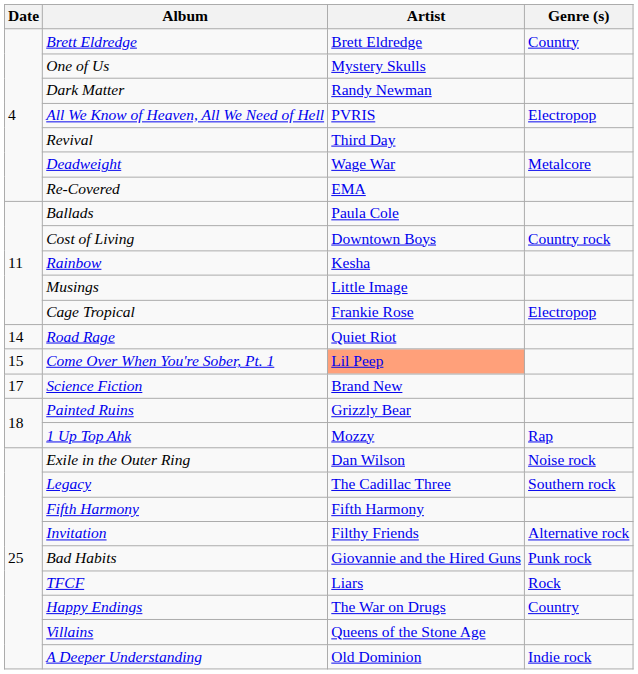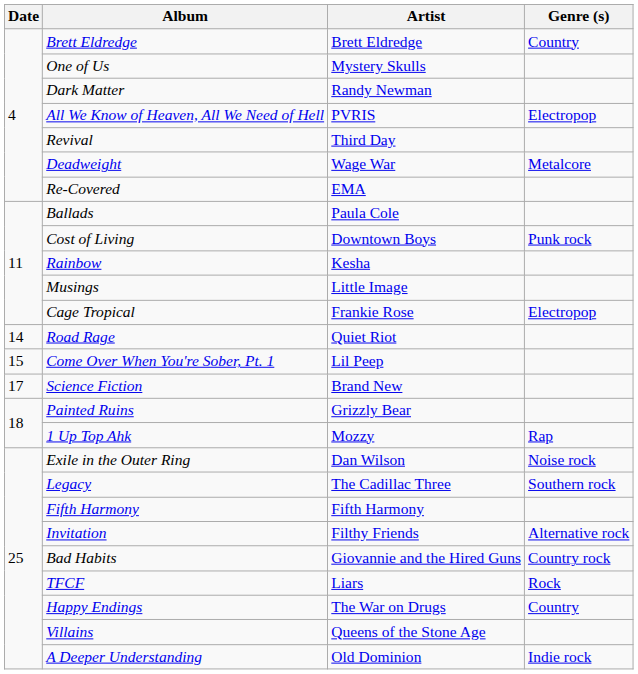 <table class="wikitable">
 <tr>
 <th>Date</th>
 <th>Album</th>
 <th>Artist</th>
 <th>Genre (s)</th>
 </tr>
 <tr>
 <td rowspan="7">4</td>
 <td><em><a href='#'>Brett Eldredge</a></em></td>
 <td><a href='#'>Brett Eldredge</a></td>
 <td><a href='#'>Country</a></td>
 </tr>
 <tr>
 <td><em>One of Us</em></td>
 <td><a href='#'>Mystery Skulls</a></td>
 <td></td>
 </tr>
 <tr>
 <td><em>Dark Matter</em></td>
 <td><a href='#'>Randy Newman</a></td>
 <td></td>
 </tr>
 <tr>
 <td><em><a href='#'>All We Know of Heaven, All We Need of Hell</a></em></td>
 <td><a href='#'>PVRIS</a></td>
 <td><a href='#'>Electropop</a></td>
 </tr>
 <tr>
 <td><em>Revival</em></td>
 <td><a href='#'>Third Day</a></td>
 <td></td>
 </tr>
 <tr>
 <td><em><a href='#'>Deadweight</a></em></td>
 <td><a href='#'>Wage War</a></td>
 <td><a href='#'>Metalcore</a></td>
 </tr>
 <tr>
 <td><em>Re-Covered</em></td>
 <td><a href='#'>EMA</a></td>
 <td></td>
 </tr>
 <tr>
 <td rowspan="5">11</td>
 <td><em>Ballads</em></td>
 <td><a href='#'>Paula Cole</a></td>
 <td></td>
 </tr>
 <tr>
 <td><em>Cost of Living</em></td>
 <td><a href='#'>Downtown Boys</a></td>
-<td><a href='#'>Country rock</a></td>
+<td><a href='#'>Punk rock</a></td>
 </tr>
 <tr>
 <td><em><a href='#'>Rainbow</a></em></td>
 <td><a href='#'>Kesha</a></td>
 <td></td>
 </tr>
 <tr>
 <td><em>Musings</em></td>
 <td><a href='#'>Little Image</a></td>
 <td></td>
 </tr>
 <tr>
 <td><em>Cage Tropical</em></td>
 <td><a href='#'>Frankie Rose</a></td>
 <td><a href='#'>Electropop</a></td>
 </tr>
 <tr>
 <td>14</td>
 <td><em><a href='#'>Road Rage</a></em></td>
 <td><a href='#'>Quiet Riot</a></td>
 <td></td>
 </tr>
 <tr>
 <td>15</td>
 <td><em><a href='#'>Come Over When You're Sober, Pt. 1</a></em></td>
-<td style="background: lightsalmon;"><a href='#'>Lil Peep</a></td>
+<td><a href='#'>Lil Peep</a></td>
 <td></td>
 </tr>
 <tr>
 <td>17</td>
 <td><em><a href='#'>Science Fiction</a></em></td>
 <td><a href='#'>Brand New</a></td>
 <td></td>
 </tr>
 <tr>
 <td rowspan="2">18</td>
 <td><em><a href='#'>Painted Ruins</a></em></td>
 <td><a href='#'>Grizzly Bear</a></td>
 <td></td>
 </tr>
 <tr>
 <td><em><a href='#'>1 Up Top Ahk</a></em></td>
 <td><a href='#'>Mozzy</a></td>
 <td><a href='#'>Rap</a></td>
 </tr>
 <tr>
 <td rowspan="9">25</td>
 <td><em>Exile in the Outer Ring</em></td>
 <td><a href='#'>Dan Wilson</a></td>
 <td><a href='#'>Noise rock</a></td>
 </tr>
 <tr>
 <td><em><a href='#'>Legacy</a></em></td>
 <td><a href='#'>The Cadillac Three</a></td>
 <td><a href='#'>Southern rock</a></td>
 </tr>
 <tr>
 <td><em><a href='#'>Fifth Harmony</a></em></td>
 <td><a href='#'>Fifth Harmony</a></td>
 <td></td>
 </tr>
 <tr>
 <td><em><a href='#'>Invitation</a></em></td>
 <td><a href='#'>Filthy Friends</a></td>
 <td><a href='#'>Alternative rock</a></td>
 </tr>
 <tr>
 <td><em>Bad Habits</em></td>
 <td><a href='#'>Giovannie and the Hired Guns</a></td>
-<td><a href='#'>Punk rock</a></td>
+<td><a href='#'>Country rock</a></td>
 </tr>
 <tr>
 <td><em><a href='#'>TFCF</a></em></td>
 <td><a href='#'>Liars</a></td>
 <td><a href='#'>Rock</a></td>
 </tr>
 <tr>
 <td><em><a href='#'>Happy Endings</a></em></td>
 <td><a href='#'>The War on Drugs</a></td>
 <td><a href='#'>Country</a></td>
 </tr>
 <tr>
 <td><em><a href='#'>Villains</a></em></td>
 <td><a href='#'>Queens of the Stone Age</a></td>
 <td></td>
 </tr>
 <tr>
 <td><em><a href='#'>A Deeper Understanding</a></em></td>
 <td><a href='#'>Old Dominion</a></td>
 <td><a href='#'>Indie rock</a></td>
 </tr>
 </table>
